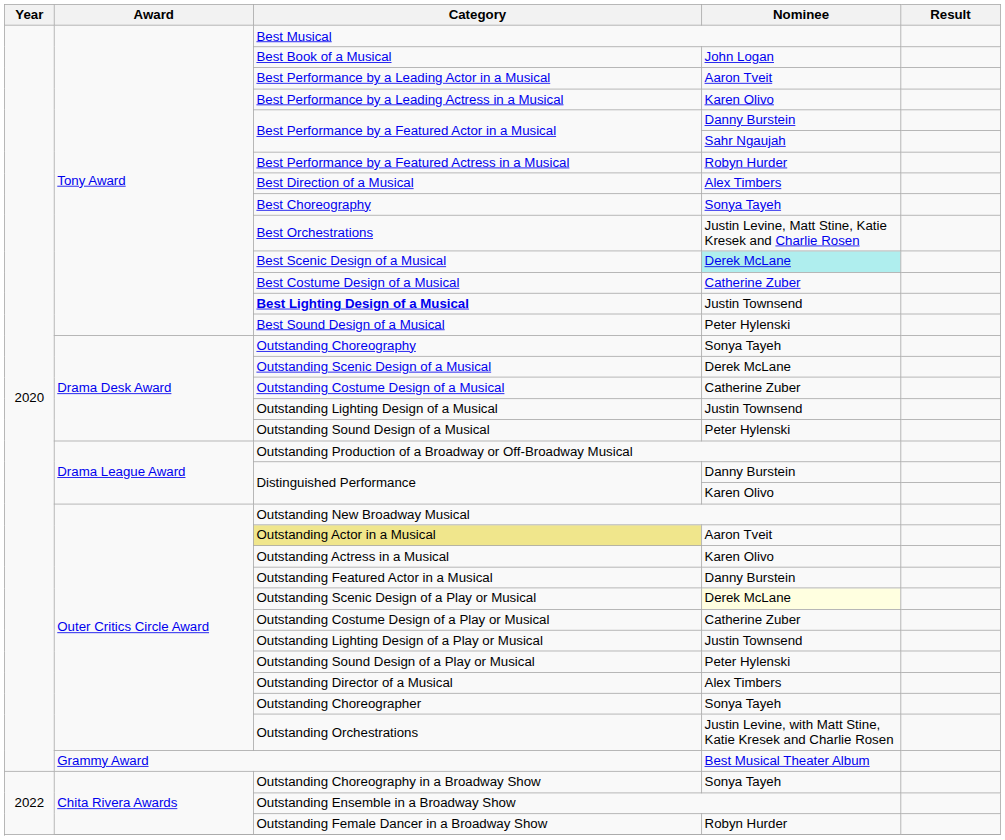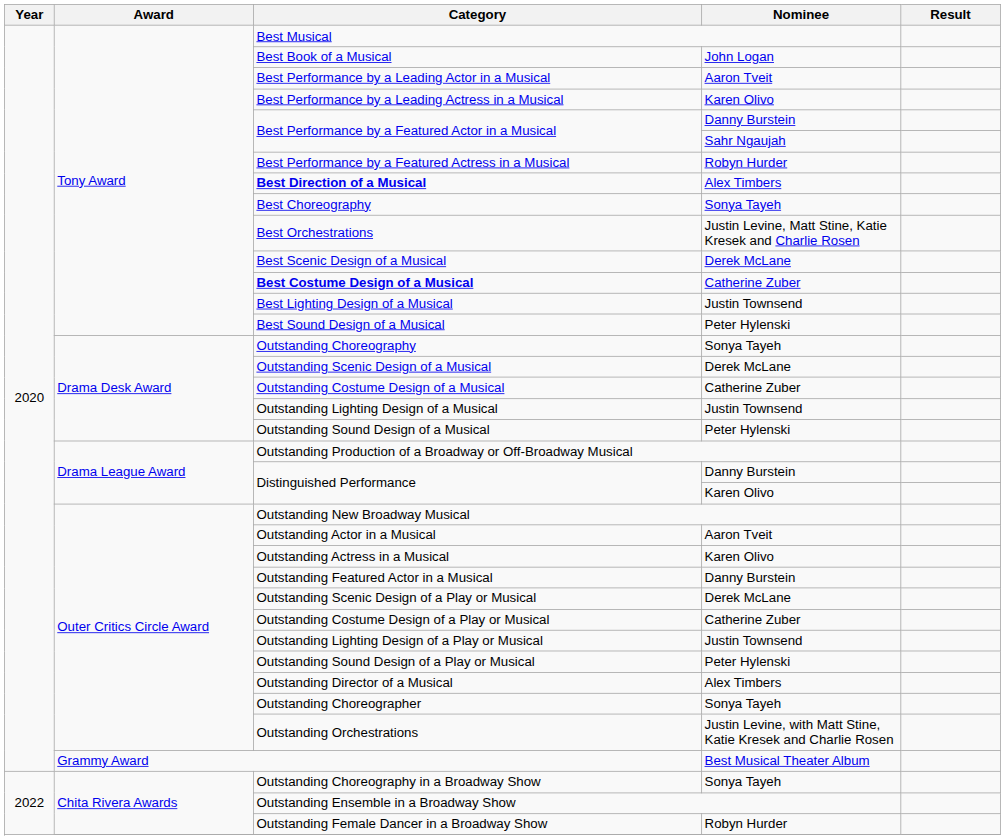 <table class="wikitable" width="95%">
 <tr>
 <th width="5%">Year</th>
 <th width="20%">Award</th>
 <th width="45%">Category</th>
 <th width="20%">Nominee</th>
 <th width="10%">Result</th>
 </tr>
 <tr>
 <td rowspan="34" style="text-align:center;">2020</td>
 <td rowspan="14"><a href='#'>Tony Award</a></td>
 <td colspan="2"><a href='#'>Best Musical</a></td>
 <td></td>
 </tr>
 <tr>
 <td><a href='#'>Best Book of a Musical</a></td>
 <td><a href='#'>John Logan</a></td>
 <td></td>
 </tr>
 <tr>
 <td><a href='#'>Best Performance by a Leading Actor in a Musical</a></td>
 <td><a href='#'>Aaron Tveit</a></td>
 <td></td>
 </tr>
 <tr>
 <td><a href='#'>Best Performance by a Leading Actress in a Musical</a></td>
 <td><a href='#'>Karen Olivo</a></td>
 <td></td>
 </tr>
 <tr>
 <td rowspan="2"><a href='#'>Best Performance by a Featured Actor in a Musical</a></td>
 <td><a href='#'>Danny Burstein</a></td>
 <td></td>
 </tr>
 <tr>
 <td><a href='#'>Sahr Ngaujah</a></td>
 <td></td>
 </tr>
 <tr>
 <td><a href='#'>Best Performance by a Featured Actress in a Musical</a></td>
 <td><a href='#'>Robyn Hurder</a></td>
 <td></td>
 </tr>
 <tr>
-<td><a href='#'>Best Direction of a Musical</a></td>
+<td><strong><a href='#'>Best Direction of a Musical</a></strong></td>
 <td><a href='#'>Alex Timbers</a></td>
 <td></td>
 </tr>
 <tr>
 <td><a href='#'>Best Choreography</a></td>
 <td><a href='#'>Sonya Tayeh</a></td>
 <td></td>
 </tr>
 <tr>
 <td><a href='#'>Best Orchestrations</a></td>
 <td>Justin Levine, Matt Stine, Katie Kresek and <a href='#'>Charlie Rosen</a></td>
 <td></td>
 </tr>
 <tr>
 <td><a href='#'>Best Scenic Design of a Musical</a></td>
-<td style="background: paleturquoise;"><a href='#'>Derek McLane</a></td>
+<td><a href='#'>Derek McLane</a></td>
 <td></td>
 </tr>
 <tr>
-<td><a href='#'>Best Costume Design of a Musical</a></td>
+<td><strong><a href='#'>Best Costume Design of a Musical</a></strong></td>
 <td><a href='#'>Catherine Zuber</a></td>
 <td></td>
 </tr>
 <tr>
-<td><strong><a href='#'>Best Lighting Design of a Musical</a></strong></td>
+<td><a href='#'>Best Lighting Design of a Musical</a></td>
 <td>Justin Townsend</td>
 <td></td>
 </tr>
 <tr>
 <td><a href='#'>Best Sound Design of a Musical</a></td>
 <td>Peter Hylenski</td>
 <td></td>
 </tr>
 <tr>
 <td rowspan="5"><a href='#'>Drama Desk Award</a></td>
 <td><a href='#'>Outstanding Choreography</a></td>
 <td>Sonya Tayeh</td>
 <td></td>
 </tr>
 <tr>
 <td><a href='#'>Outstanding Scenic Design of a Musical</a></td>
 <td>Derek McLane</td>
 <td></td>
 </tr>
 <tr>
 <td><a href='#'>Outstanding Costume Design of a Musical</a></td>
 <td>Catherine Zuber</td>
 <td></td>
 </tr>
 <tr>
 <td>Outstanding Lighting Design of a Musical</td>
 <td>Justin Townsend</td>
 <td></td>
 </tr>
 <tr>
 <td>Outstanding Sound Design of a Musical</td>
 <td>Peter Hylenski</td>
 <td></td>
 </tr>
 <tr>
 <td rowspan="3"><a href='#'>Drama League Award</a></td>
 <td colspan="2">Outstanding Production of a Broadway or Off-Broadway Musical</td>
 <td></td>
 </tr>
 <tr>
 <td rowspan="2">Distinguished Performance</td>
 <td>Danny Burstein</td>
 <td></td>
 </tr>
 <tr>
 <td>Karen Olivo</td>
 <td></td>
 </tr>
 <tr>
 <td rowspan="11"><a href='#'>Outer Critics Circle Award</a></td>
 <td colspan="2">Outstanding New Broadway Musical</td>
 <td></td>
 </tr>
 <tr>
-<td style="background: khaki;">Outstanding Actor in a Musical</td>
+<td>Outstanding Actor in a Musical</td>
 <td>Aaron Tveit</td>
 <td></td>
 </tr>
 <tr>
 <td>Outstanding Actress in a Musical</td>
 <td>Karen Olivo</td>
 <td></td>
 </tr>
 <tr>
 <td>Outstanding Featured Actor in a Musical</td>
 <td>Danny Burstein</td>
 <td></td>
 </tr>
 <tr>
 <td>Outstanding Scenic Design of a Play or Musical</td>
-<td style="background: lightyellow;">Derek McLane</td>
+<td>Derek McLane</td>
 <td></td>
 </tr>
 <tr>
 <td>Outstanding Costume Design of a Play or Musical</td>
 <td>Catherine Zuber</td>
 <td></td>
 </tr>
 <tr>
 <td>Outstanding Lighting Design of a Play or Musical</td>
 <td>Justin Townsend</td>
 <td></td>
 </tr>
 <tr>
 <td>Outstanding Sound Design of a Play or Musical</td>
 <td>Peter Hylenski</td>
 <td></td>
 </tr>
 <tr>
 <td>Outstanding Director of a Musical</td>
 <td>Alex Timbers</td>
 <td></td>
 </tr>
 <tr>
 <td>Outstanding Choreographer</td>
 <td>Sonya Tayeh</td>
 <td></td>
 </tr>
 <tr>
 <td>Outstanding Orchestrations</td>
 <td>Justin Levine, with Matt Stine, Katie Kresek and Charlie Rosen</td>
 <td></td>
 </tr>
 <tr>
 <td colspan="2"><a href='#'>Grammy Award</a></td>
 <td><a href='#'>Best Musical Theater Album</a></td>
 <td></td>
 </tr>
 <tr>
 <td rowspan="34" style="text-align:center;">2022</td>
 <td rowspan=3><a href='#'>Chita Rivera Awards</a></td>
 <td>Outstanding Choreography in a Broadway Show</td>
 <td>Sonya Tayeh</td>
 <td></td>
 </tr>
 <tr>
 <td colspan=2>Outstanding Ensemble in a Broadway Show</td>
 <td></td>
 </tr>
 <tr>
 <td>Outstanding Female Dancer in a Broadway Show</td>
 <td>Robyn Hurder</td>
 <td></td>
 </tr>
 <tr>
 </tr>
 </table>
